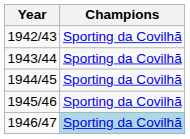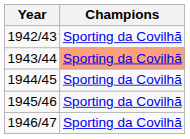 <table class="wikitable" style="text-align:left">
 <tr>
 <th style= width="100px">Year</th>
 <th style= width="400px">Champions</th>
 </tr>
 <tr>
 <td>1942/43</td>
 <td><a href='#'>Sporting da Covilhã</a></td>
 </tr>
 <tr>
 <td>1943/44</td>
-<td><a href='#'>Sporting da Covilhã</a></td>
+<td style="background: lightsalmon;"><a href='#'>Sporting da Covilhã</a></td>
 </tr>
 <tr>
 <td>1944/45</td>
 <td><a href='#'>Sporting da Covilhã</a></td>
 </tr>
 <tr>
 <td>1945/46</td>
 <td><a href='#'>Sporting da Covilhã</a></td>
 </tr>
 <tr>
 <td>1946/47</td>
-<td style="background: lightblue;"><a href='#'>Sporting da Covilhã</a></td>
+<td><a href='#'>Sporting da Covilhã</a></td>
 </tr>
 </table>
